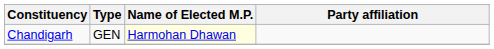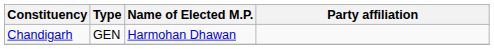 <table class="wikitable" style="font-size:95%;">
 <tr>
 <th>Constituency</th>
 <th>Type</th>
 <th>Name of Elected M.P.</th>
 <th colspan="2" style="width:18em">Party affiliation</th>
 </tr>
 <tr>
 <td><a href='#'>Chandigarh</a></td>
 <td>GEN</td>
-<td style="background: lightyellow;"><a href='#'>Harmohan Dhawan</a></td>
+<td><a href='#'>Harmohan Dhawan</a></td>
 <td></td>
 </tr>
 <tr>
 </tr>
 </table>
